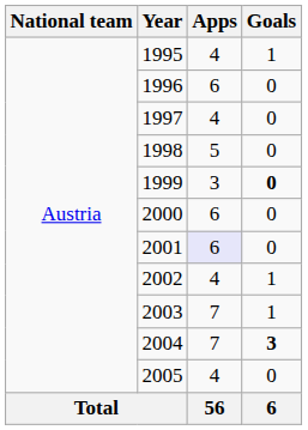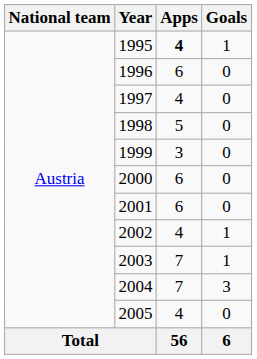 <table class="wikitable" style="text-align:center">
 <tr>
 <th>National team</th>
 <th>Year</th>
 <th>Apps</th>
 <th>Goals</th>
 </tr>
 <tr>
 <td rowspan="11"><a href='#'>Austria</a></td>
 <td>1995</td>
-<td>4</td>
+<td><strong>4</strong></td>
 <td>1</td>
 </tr>
 <tr>
 <td>1996</td>
 <td>6</td>
 <td>0</td>
 </tr>
 <tr>
 <td>1997</td>
 <td>4</td>
 <td>0</td>
 </tr>
 <tr>
 <td>1998</td>
 <td>5</td>
 <td>0</td>
 </tr>
 <tr>
 <td>1999</td>
 <td>3</td>
-<td><strong>0</strong></td>
+<td>0</td>
 </tr>
 <tr>
 <td>2000</td>
 <td>6</td>
 <td>0</td>
 </tr>
 <tr>
 <td>2001</td>
-<td style="background: lavender;">6</td>
+<td>6</td>
 <td>0</td>
 </tr>
 <tr>
 <td>2002</td>
 <td>4</td>
 <td>1</td>
 </tr>
 <tr>
 <td>2003</td>
 <td>7</td>
 <td>1</td>
 </tr>
 <tr>
 <td>2004</td>
 <td>7</td>
-<td><strong>3</strong></td>
+<td>3</td>
 </tr>
 <tr>
 <td>2005</td>
 <td>4</td>
 <td>0</td>
 </tr>
 <tr>
 <th colspan="2">Total</th>
 <th>56</th>
 <th>6</th>
 </tr>
 </table>
